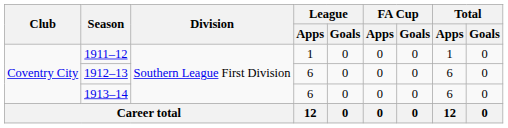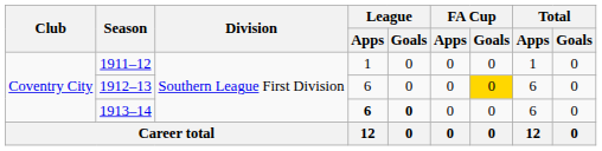 <table class="wikitable" style="text-align:center;">
 <tr>
 <th rowspan="2">Club</th>
 <th rowspan="2">Season</th>
 <th rowspan="2">Division</th>
 <th colspan="2">League</th>
 <th colspan="2">FA Cup</th>
 <th colspan="2">Total</th>
 </tr>
 <tr>
 <th>Apps</th>
 <th>Goals</th>
 <th>Apps</th>
 <th>Goals</th>
 <th>Apps</th>
 <th>Goals</th>
 </tr>
 <tr>
 <td rowspan="3"><a href='#'>Coventry City</a></td>
 <td><a href='#'>1911–12</a></td>
 <td rowspan="3"><a href='#'>Southern League</a> First Division</td>
 <td>1</td>
 <td>0</td>
 <td>0</td>
 <td>0</td>
 <td>1</td>
 <td>0</td>
 </tr>
 <tr>
 <td><a href='#'>1912–13</a></td>
 <td>6</td>
 <td>0</td>
 <td>0</td>
-<td>0</td>
+<td style="background: gold;">0</td>
 <td>6</td>
 <td>0</td>
 </tr>
 <tr>
 <td><a href='#'>1913–14</a></td>
-<td>6</td>
-<td>0</td>
+<td><strong>6</strong></td>
+<td><strong>0</strong></td>
 <td>0</td>
 <td>0</td>
 <td>6</td>
 <td>0</td>
 </tr>
 <tr>
 <th colspan="3">Career total</th>
 <th>12</th>
 <th>0</th>
 <th>0</th>
 <th>0</th>
 <th>12</th>
 <th>0</th>
 </tr>
 </table>
